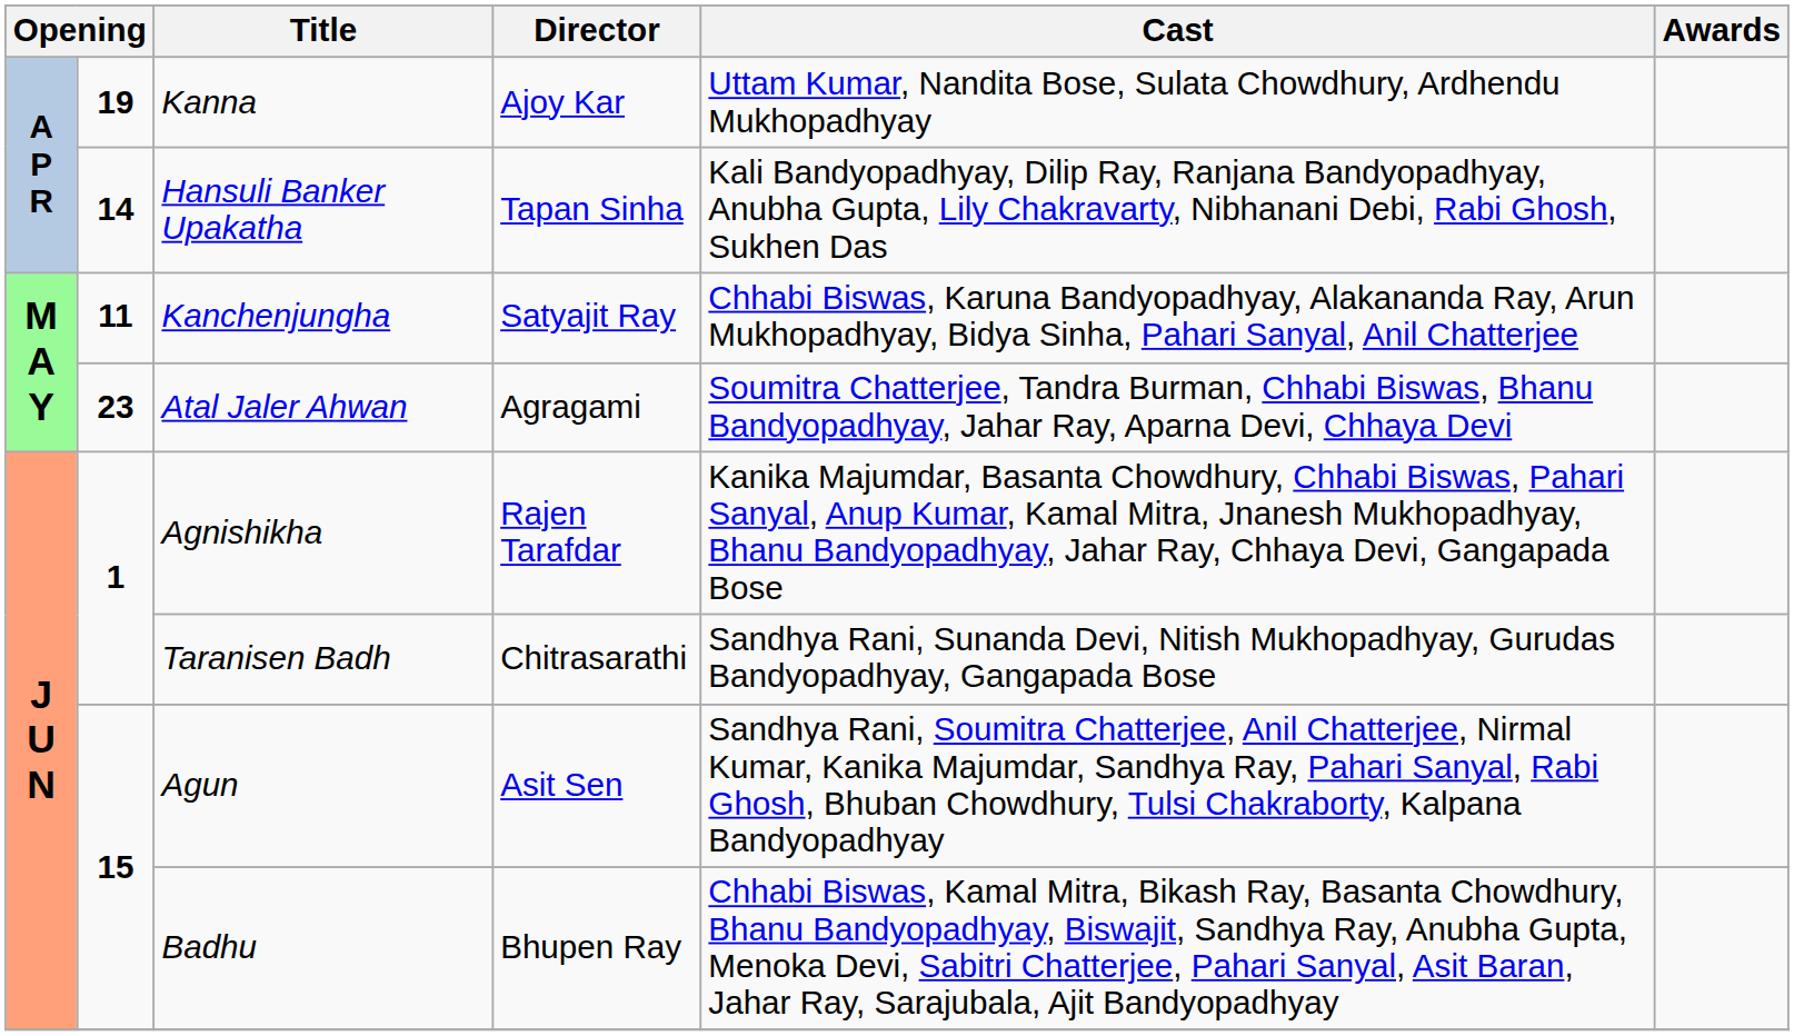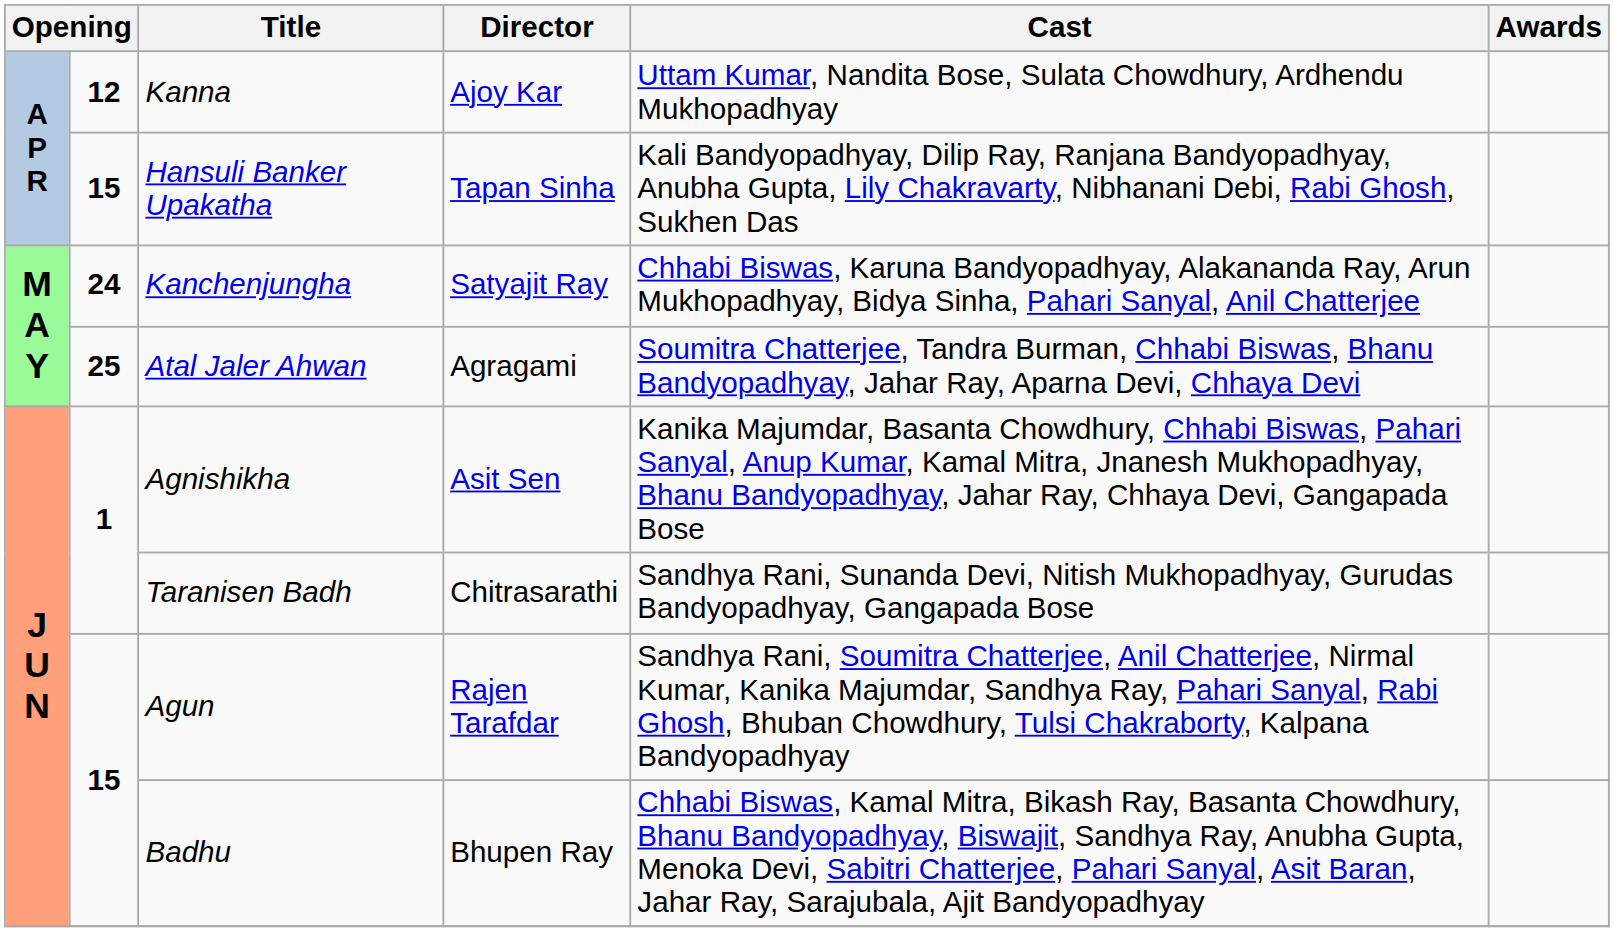 <table class="wikitable">
 <tr style="background:#b0e0e6; text-align:center;">
 <th colspan="2">Opening</th>
 <th style="width:19%;">Title</th>
 <th>Director</th>
 <th>Cast</th>
 <th>Awards</th>
 </tr>
 <tr>
 <td rowspan="2"   style="text-align:center; background:#b4cae3;"><strong>A<br>P<br>R</strong></td>
-<td rowspan="1" style="text-align:center;"><strong>19</strong></td>
+<td rowspan="1" style="text-align:center;"><strong>12</strong></td>
 <td><em>Kanna</em></td>
 <td><a href='#'>Ajoy Kar</a></td>
 <td><a href='#'>Uttam Kumar</a>, Nandita Bose, Sulata Chowdhury, Ardhendu Mukhopadhyay</td>
 <td></td>
 </tr>
 <tr>
-<td rowspan="1" style="text-align:center;"><strong>14</strong></td>
+<td rowspan="1" style="text-align:center;"><strong>15</strong></td>
 <td><em><a href='#'>Hansuli Banker Upakatha</a></em></td>
 <td><a href='#'>Tapan Sinha</a></td>
 <td>Kali Bandyopadhyay, Dilip Ray, Ranjana Bandyopadhyay, Anubha Gupta, <a href='#'>Lily Chakravarty</a>, Nibhanani Debi, <a href='#'>Rabi Ghosh</a>, Sukhen Das</td>
 <td></td>
 </tr>
 <tr>
 <td rowspan="2"   style="text-align:center; background:#98fb98; textcolor:#000;"><big> <strong>M<br>A<br>Y</strong></big></td>
-<td rowspan="1" style="text-align:center;"><strong>11</strong></td>
+<td rowspan="1" style="text-align:center;"><strong>24</strong></td>
 <td><em><a href='#'>Kanchenjungha</a></em></td>
 <td><a href='#'>Satyajit Ray</a></td>
 <td><a href='#'>Chhabi Biswas</a>, Karuna Bandyopadhyay, Alakananda Ray, Arun Mukhopadhyay, Bidya Sinha, <a href='#'>Pahari Sanyal</a>, <a href='#'>Anil Chatterjee</a></td>
 <td></td>
 </tr>
 <tr>
-<td rowspan="1" style="text-align:center;"><strong>23</strong></td>
+<td rowspan="1" style="text-align:center;"><strong>25</strong></td>
 <td><em><a href='#'>Atal Jaler Ahwan</a></em></td>
 <td>Agragami</td>
 <td><a href='#'>Soumitra Chatterjee</a>, Tandra Burman, <a href='#'>Chhabi Biswas</a>, <a href='#'>Bhanu Bandyopadhyay</a>, Jahar Ray, Aparna Devi, <a href='#'>Chhaya Devi</a></td>
 <td></td>
 </tr>
 <tr>
 <td rowspan="4"   style="text-align:center; background:#ffa07a; textcolor:#000;"><big> <strong>J<br>U<br>N</strong></big></td>
 <td rowspan="2" style="text-align:center;"><strong>1</strong></td>
 <td><em>Agnishikha</em></td>
-<td><a href='#'>Rajen Tarafdar</a></td>
+<td><a href='#'>Asit Sen</a></td>
 <td>Kanika Majumdar, Basanta Chowdhury, <a href='#'>Chhabi Biswas</a>, <a href='#'>Pahari Sanyal</a>, <a href='#'>Anup Kumar</a>, Kamal Mitra, Jnanesh Mukhopadhyay, <a href='#'>Bhanu Bandyopadhyay</a>, Jahar Ray, Chhaya Devi, Gangapada Bose</td>
 <td></td>
 </tr>
 <tr>
 <td><em>Taranisen Badh</em></td>
 <td>Chitrasarathi</td>
 <td>Sandhya Rani, Sunanda Devi, Nitish Mukhopadhyay, Gurudas Bandyopadhyay, Gangapada Bose</td>
 <td></td>
 </tr>
 <tr>
 <td rowspan="2" style="text-align:center;"><strong>15</strong></td>
 <td><em>Agun</em></td>
-<td><a href='#'>Asit Sen</a></td>
+<td><a href='#'>Rajen Tarafdar</a></td>
 <td>Sandhya Rani, <a href='#'>Soumitra Chatterjee</a>, <a href='#'>Anil Chatterjee</a>, Nirmal Kumar, Kanika Majumdar, Sandhya Ray, <a href='#'>Pahari Sanyal</a>, <a href='#'>Rabi Ghosh</a>, Bhuban Chowdhury, <a href='#'>Tulsi Chakraborty</a>, Kalpana Bandyopadhyay</td>
 <td></td>
 </tr>
 <tr>
 <td><em>Badhu</em></td>
 <td>Bhupen Ray</td>
 <td><a href='#'>Chhabi Biswas</a>, Kamal Mitra, Bikash Ray, Basanta Chowdhury, <a href='#'>Bhanu Bandyopadhyay</a>, <a href='#'>Biswajit</a>, Sandhya Ray, Anubha Gupta, Menoka Devi, <a href='#'>Sabitri Chatterjee</a>, <a href='#'>Pahari Sanyal</a>, <a href='#'>Asit Baran</a>, Jahar Ray, Sarajubala, Ajit Bandyopadhyay</td>
 <td></td>
 </tr>
 <tr>
 </tr>
 </table>
